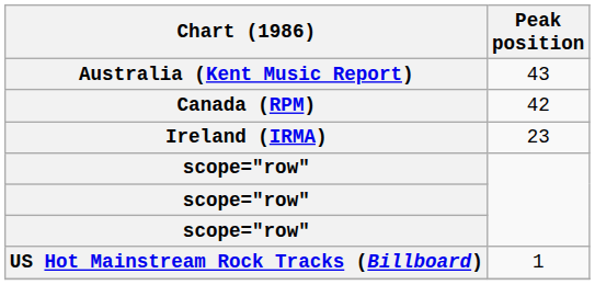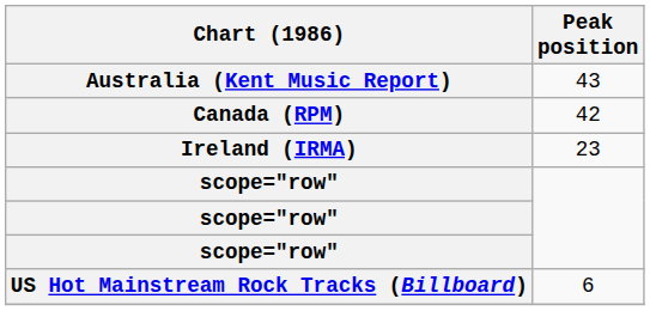 <table class="wikitable sortable plainrowheaders">
 <tr>
 <th>Chart (1986)</th>
 <th>Peak<br>position</th>
 </tr>
 <tr>
 <th scope="row">Australia (<a href='#'>Kent Music Report</a>)</th>
 <td align="center">43</td>
 </tr>
 <tr>
 <th scope="row">Canada (<a href='#'>RPM</a>)</th>
 <td align="center">42</td>
 </tr>
 <tr>
 <th scope="row">Ireland (<a href='#'>IRMA</a>)</th>
 <td align="center">23</td>
 </tr>
 <tr>
 <th>scope="row" </th>
 </tr>
 <tr>
 <th>scope="row" </th>
 </tr>
 <tr>
 <th>scope="row" </th>
 </tr>
 <tr>
 <th scope="row">US <a href='#'>Hot Mainstream Rock Tracks</a> (<em><a href='#'>Billboard</a></em>)</th>
-<td align="center">1</td>
+<td align="center">6</td>
 </tr>
 <tr>
 </tr>
 </table>
